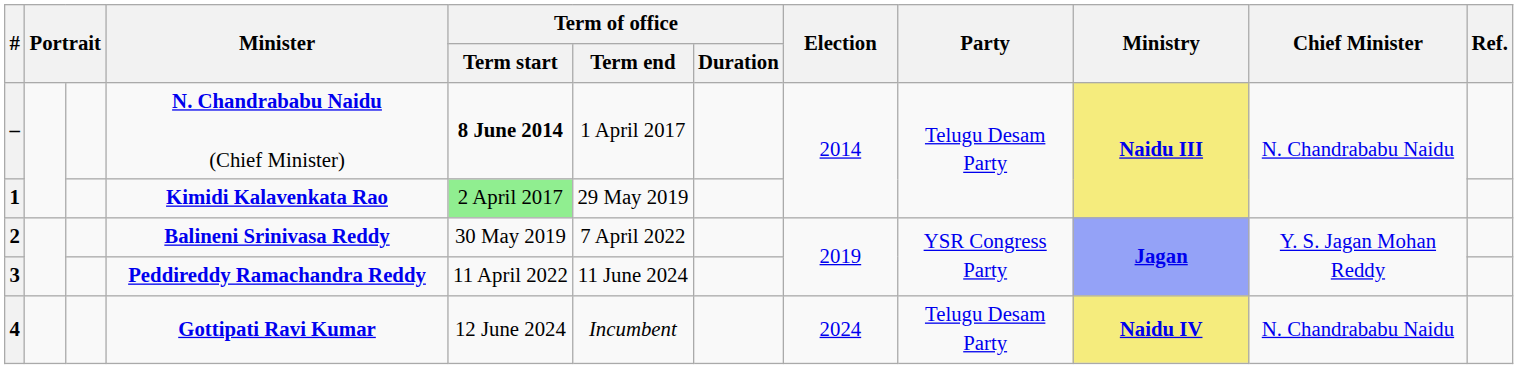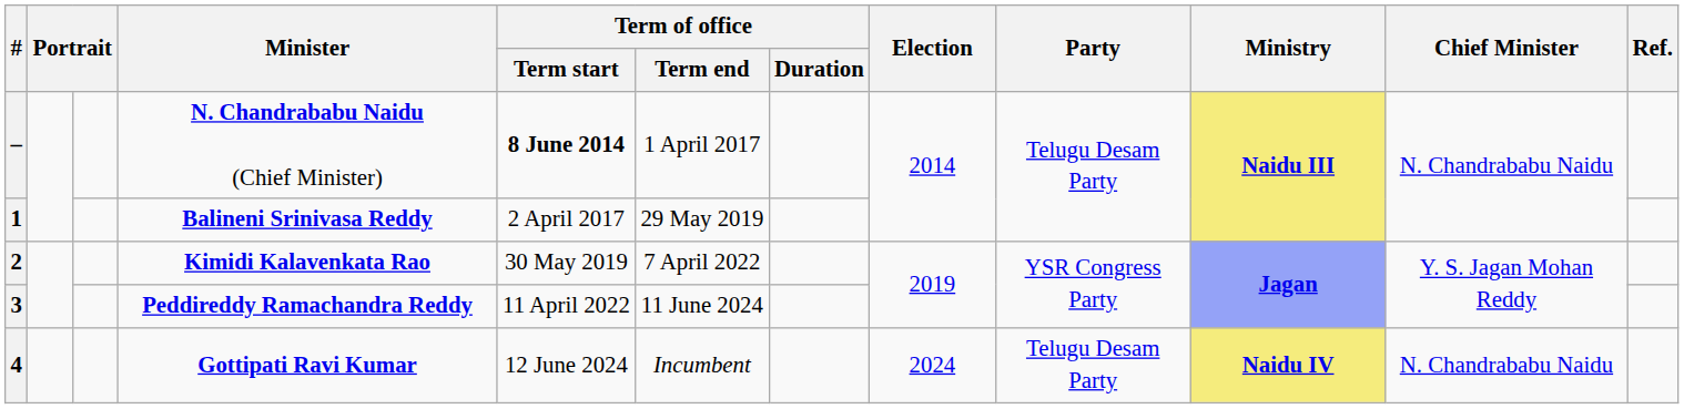 <table class="wikitable" style="line-height:1.4em; text-align:center">
 <tr>
 <th rowspan=2>#</th>
 <th rowspan=2 colspan="2">Portrait</th>
 <th rowspan=2 style="width:16em">Minister<br></th>
 <th colspan="3">Term of office</th>
 <th rowspan=2 style="width:5em">Election<br></th>
 <th rowspan=2 style="width:8em">Party</th>
 <th rowspan=2 style="width:8em">Ministry</th>
 <th rowspan=2 style="width:10em">Chief Minister</th>
 <th rowspan=2>Ref.</th>
 </tr>
 <tr>
 <th>Term start</th>
 <th>Term end</th>
 <th>Duration</th>
 </tr>
 <tr>
 <th>–</th>
 <td rowspan=2></td>
 <td></td>
 <td><strong><a href='#'>N. Chandrababu Naidu</a></strong><br><br>(Chief Minister)</td>
 <td><strong>8 June 2014</strong></td>
 <td>1 April 2017</td>
 <td><strong></strong></td>
 <td rowspan=2><a href='#'>2014</a><br></td>
 <td rowspan=2><a href='#'>Telugu Desam Party</a></td>
 <td rowspan=2 bgcolor="#F5EC7D"><strong><a href='#'>Naidu III</a></strong></td>
 <td rowspan=2><a href='#'>N. Chandrababu Naidu</a></td>
 <td></td>
 </tr>
 <tr>
 <th>1</th>
 <td></td>
-<td><strong><a href='#'>Kimidi Kalavenkata Rao</a></strong><br></td>
-<td style="background: lightgreen;">2 April 2017</td>
+<td><strong><a href='#'>Balineni Srinivasa Reddy</a></strong><br></td>
+<td>2 April 2017</td>
 <td>29 May 2019</td>
 <td><strong></strong></td>
 <td></td>
 </tr>
 <tr>
 <th>2</th>
 <td rowspan=2></td>
 <td></td>
-<td><strong><a href='#'>Balineni Srinivasa Reddy</a></strong><br></td>
+<td><strong><a href='#'>Kimidi Kalavenkata Rao</a></strong><br></td>
 <td>30 May 2019</td>
 <td>7 April 2022</td>
 <td><strong></strong></td>
 <td rowspan=2><a href='#'>2019</a><br></td>
 <td rowspan="2"><a href='#'>YSR Congress Party</a></td>
 <td rowspan=2 bgcolor="#94A2F7"><strong><a href='#'>Jagan</a></strong></td>
 <td rowspan="2"><a href='#'>Y. S. Jagan Mohan Reddy</a></td>
 <td></td>
 </tr>
 <tr>
 <th>3</th>
 <td></td>
 <td><strong><a href='#'>Peddireddy Ramachandra Reddy</a></strong><br></td>
 <td>11 April 2022</td>
 <td>11 June 2024</td>
 <td><strong></strong></td>
 <td></td>
 </tr>
 <tr>
 <th>4</th>
 <td></td>
 <td></td>
 <td><strong><a href='#'>Gottipati Ravi Kumar</a></strong><br></td>
 <td>12 June 2024</td>
 <td><em>Incumbent</em></td>
 <td><strong></strong></td>
 <td><a href='#'>2024</a><br></td>
 <td><a href='#'>Telugu Desam Party</a></td>
 <td bgcolor="#F5EC7D"><strong><a href='#'>Naidu IV</a></strong></td>
 <td><a href='#'>N. Chandrababu Naidu</a></td>
 <td></td>
 </tr>
 </table>
